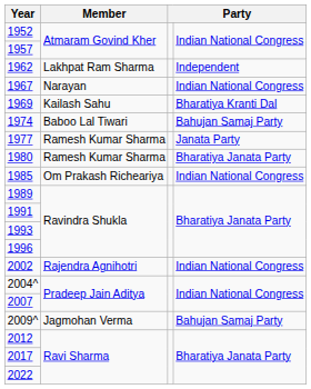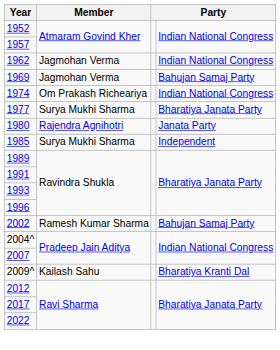 <table class="wikitable">
 <tr>
 <th>Year</th>
 <th>Member</th>
 <th colspan="2">Party</th>
 </tr>
 <tr>
 <td><a href='#'>1952</a></td>
 <td rowspan="2"><a href='#'>Atmaram Govind Kher</a></td>
 <td rowspan="2" style="background-color: "></td>
 <td rowspan="2"><a href='#'>Indian National Congress</a></td>
 </tr>
 <tr>
 <td><a href='#'>1957</a></td>
 </tr>
 <tr>
 <td><a href='#'>1962</a></td>
-<td>Lakhpat Ram Sharma</td>
-<td style="background-color: "></td>
-<td><a href='#'>Independent</a></td>
-</tr>
-<tr>
-<td><a href='#'>1967</a></td>
-<td>Narayan</td>
+<td>Jagmohan Verma</td>
 <td style="background-color: "></td>
 <td><a href='#'>Indian National Congress</a></td>
 </tr>
 <tr>
 <td><a href='#'>1969</a></td>
-<td>Kailash Sahu</td>
-<td style="background-color: "></td>
-<td><a href='#'>Bharatiya Kranti Dal</a></td>
-</tr>
-<tr>
-<td><a href='#'>1974</a></td>
-<td>Baboo Lal Tiwari</td>
+<td>Jagmohan Verma</td>
 <td style="background-color: "></td>
 <td><a href='#'>Bahujan Samaj Party</a></td>
 </tr>
 <tr>
+<td><a href='#'>1974</a></td>
+<td>Om Prakash Richeariya</td>
+<td style="background-color: "></td>
+<td><a href='#'>Indian National Congress</a></td>
+</tr>
+<tr>
 <td><a href='#'>1977</a></td>
-<td>Ramesh Kumar Sharma</td>
+<td>Surya Mukhi Sharma</td>
+<td style="background-color: "></td>
+<td><a href='#'>Bharatiya Janata Party</a></td>
+</tr>
+<tr>
+<td><a href='#'>1980</a></td>
+<td><a href='#'>Rajendra Agnihotri</a></td>
 <td style="background-color: "></td>
 <td><a href='#'>Janata Party</a></td>
 </tr>
 <tr>
-<td><a href='#'>1980</a></td>
-<td>Ramesh Kumar Sharma</td>
+<td><a href='#'>1985</a></td>
+<td>Surya Mukhi Sharma</td>
 <td style="background-color: "></td>
-<td><a href='#'>Bharatiya Janata Party</a></td>
-</tr>
-<tr>
-<td><a href='#'>1985</a></td>
-<td>Om Prakash Richeariya</td>
-<td style="background-color: "></td>
-<td><a href='#'>Indian National Congress</a></td>
+<td><a href='#'>Independent</a></td>
 </tr>
 <tr>
 <td><a href='#'>1989</a></td>
 <td rowspan="4">Ravindra Shukla</td>
 <td rowspan="4" style="background-color: "></td>
 <td rowspan="4"><a href='#'>Bharatiya Janata Party</a></td>
 </tr>
 <tr>
 <td><a href='#'>1991</a></td>
 </tr>
 <tr>
 <td><a href='#'>1993</a></td>
 </tr>
 <tr>
 <td><a href='#'>1996</a></td>
 </tr>
 <tr>
 <td><a href='#'>2002</a></td>
-<td><a href='#'>Rajendra Agnihotri</a></td>
+<td>Ramesh Kumar Sharma</td>
 <td style="background-color: "></td>
-<td><a href='#'>Indian National Congress</a></td>
+<td><a href='#'>Bahujan Samaj Party</a></td>
 </tr>
 <tr>
 <td>2004^</td>
 <td rowspan="2"><a href='#'>Pradeep Jain Aditya</a></td>
 <td rowspan="2" style="background-color: "></td>
 <td rowspan="2"><a href='#'>Indian National Congress</a></td>
 </tr>
 <tr>
 <td><a href='#'>2007</a></td>
 </tr>
 <tr>
 <td>2009^</td>
-<td>Jagmohan Verma</td>
+<td>Kailash Sahu</td>
 <td style="background-color: "></td>
-<td><a href='#'>Bahujan Samaj Party</a></td>
+<td><a href='#'>Bharatiya Kranti Dal</a></td>
 </tr>
 <tr>
 <td><a href='#'>2012</a></td>
 <td rowspan="3"><a href='#'>Ravi Sharma</a></td>
 <td rowspan="3" style="background-color: "></td>
 <td rowspan="3"><a href='#'>Bharatiya Janata Party</a></td>
 </tr>
 <tr>
 <td><a href='#'>2017</a></td>
 </tr>
 <tr>
 <td><a href='#'>2022</a></td>
 </tr>
 </table>
